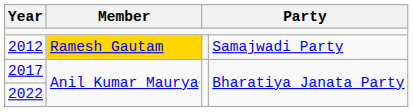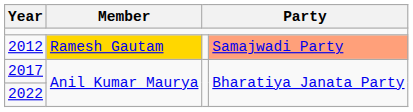 <table class="wikitable">
 <tr>
 <th>Year</th>
 <th>Member</th>
 <th colspan="2">Party</th>
 </tr>
 <tr>
 <td colspan="4"></td>
 </tr>
 <tr>
 <td><a href='#'>2012</a></td>
 <td style="background: gold;"><a href='#'>Ramesh Gautam</a></td>
 <td style="background-color: "></td>
-<td><a href='#'>Samajwadi Party</a></td>
+<td style="background: lightsalmon;"><a href='#'>Samajwadi Party</a></td>
 </tr>
 <tr>
 <td><a href='#'>2017</a></td>
 <td rowspan="2"><a href='#'>Anil Kumar Maurya</a></td>
 <td rowspan="2" style="background-color: "></td>
 <td rowspan="2"><a href='#'>Bharatiya Janata Party</a></td>
 </tr>
 <tr>
 <td><a href='#'>2022</a></td>
 </tr>
 </table>
